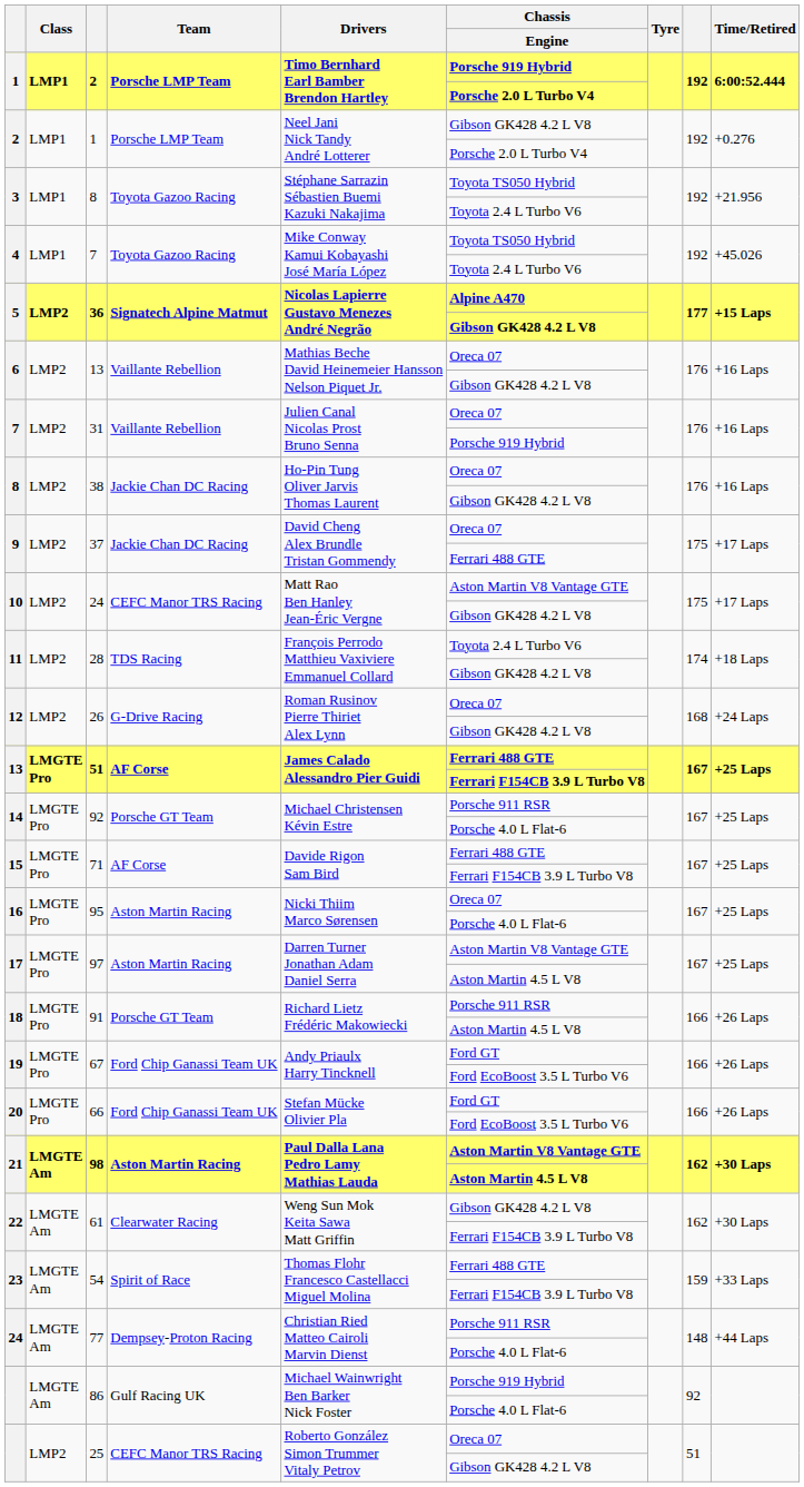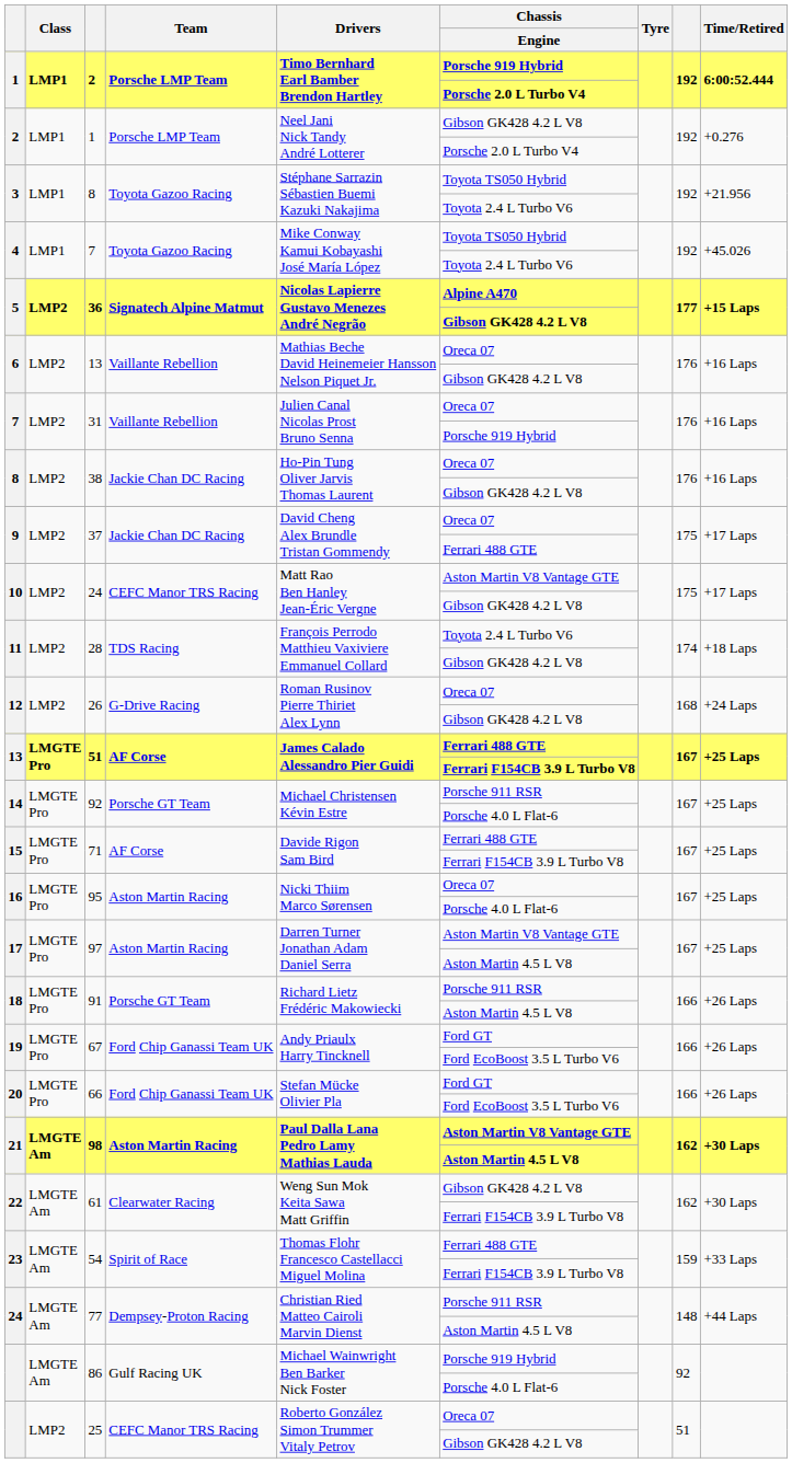 <table class="wikitable" style="font-size: 95%;">
 <tr>
 <th rowspan="2"></th>
 <th rowspan="2">Class</th>
 <th rowspan="2"></th>
 <th rowspan="2">Team</th>
 <th rowspan="2">Drivers</th>
 <th>Chassis</th>
 <th rowspan="2">Tyre</th>
 <th rowspan="2"></th>
 <th rowspan="2">Time/Retired</th>
 </tr>
 <tr>
 <th>Engine</th>
 </tr>
 <tr style="font-weight:bold" bgcolor="FFFF6B">
 <th rowspan=2>1</th>
 <td rowspan=2>LMP1</td>
 <td rowspan=2>2</td>
 <td rowspan=2> <a href='#'>Porsche LMP Team</a></td>
 <td rowspan=2> <a href='#'>Timo Bernhard</a><br> <a href='#'>Earl Bamber</a><br> <a href='#'>Brendon Hartley</a></td>
 <td><a href='#'>Porsche 919 Hybrid</a></td>
 <td rowspan=2></td>
 <td rowspan=2>192</td>
 <td rowspan=2>6:00:52.444</td>
 </tr>
 <tr style="font-weight:bold" bgcolor="FFFF6B">
 <td><a href='#'>Porsche</a> 2.0 L Turbo V4</td>
 </tr>
 <tr>
 <th rowspan=2>2</th>
 <td rowspan=2>LMP1</td>
 <td rowspan=2>1</td>
 <td rowspan=2> <a href='#'>Porsche LMP Team</a></td>
 <td rowspan=2> <a href='#'>Neel Jani</a><br> <a href='#'>Nick Tandy</a><br> <a href='#'>André Lotterer</a></td>
 <td><a href='#'>Gibson</a> GK428 4.2 L V8</td>
 <td rowspan=2></td>
 <td rowspan=2>192</td>
 <td rowspan=2>+0.276</td>
 </tr>
 <tr>
 <td><a href='#'>Porsche</a> 2.0 L Turbo V4</td>
 </tr>
 <tr>
 <th rowspan=2>3</th>
 <td rowspan=2>LMP1</td>
 <td rowspan=2>8</td>
 <td rowspan=2> <a href='#'>Toyota Gazoo Racing</a></td>
 <td rowspan=2> <a href='#'>Stéphane Sarrazin</a><br> <a href='#'>Sébastien Buemi</a><br> <a href='#'>Kazuki Nakajima</a></td>
 <td><a href='#'>Toyota TS050 Hybrid</a></td>
 <td rowspan=2></td>
 <td rowspan=2>192</td>
 <td rowspan=2>+21.956</td>
 </tr>
 <tr>
 <td><a href='#'>Toyota</a> 2.4 L Turbo V6</td>
 </tr>
 <tr>
 <th rowspan=2>4</th>
 <td rowspan=2>LMP1</td>
 <td rowspan=2>7</td>
 <td rowspan=2> <a href='#'>Toyota Gazoo Racing</a></td>
 <td rowspan=2> <a href='#'>Mike Conway</a><br> <a href='#'>Kamui Kobayashi</a><br> <a href='#'>José María López</a></td>
 <td><a href='#'>Toyota TS050 Hybrid</a></td>
 <td rowspan=2></td>
 <td rowspan=2>192</td>
 <td rowspan=2>+45.026</td>
 </tr>
 <tr>
 <td><a href='#'>Toyota</a> 2.4 L Turbo V6</td>
 </tr>
 <tr style="font-weight:bold" bgcolor="FFFF6B">
 <th rowspan=2>5</th>
 <td rowspan=2>LMP2</td>
 <td rowspan=2>36</td>
 <td rowspan=2> <a href='#'>Signatech Alpine Matmut</a></td>
 <td rowspan=2> <a href='#'>Nicolas Lapierre</a><br> <a href='#'>Gustavo Menezes</a><br> <a href='#'>André Negrão</a></td>
 <td><a href='#'>Alpine A470</a></td>
 <td rowspan=2></td>
 <td rowspan=2>177</td>
 <td rowspan=2>+15 Laps</td>
 </tr>
 <tr style="font-weight:bold" bgcolor="FFFF6B">
 <td><a href='#'>Gibson</a> GK428 4.2 L V8</td>
 </tr>
 <tr>
 <th rowspan=2>6</th>
 <td rowspan=2>LMP2</td>
 <td rowspan=2>13</td>
 <td rowspan=2> <a href='#'>Vaillante Rebellion</a></td>
 <td rowspan=2> <a href='#'>Mathias Beche</a><br> <a href='#'>David Heinemeier Hansson</a><br> <a href='#'>Nelson Piquet Jr.</a></td>
 <td><a href='#'>Oreca 07</a></td>
 <td rowspan=2></td>
 <td rowspan=2>176</td>
 <td rowspan=2>+16 Laps</td>
 </tr>
 <tr>
 <td><a href='#'>Gibson</a> GK428 4.2 L V8</td>
 </tr>
 <tr>
 <th rowspan=2>7</th>
 <td rowspan=2>LMP2</td>
 <td rowspan=2>31</td>
 <td rowspan=2> <a href='#'>Vaillante Rebellion</a></td>
 <td rowspan=2> <a href='#'>Julien Canal</a><br> <a href='#'>Nicolas Prost</a><br> <a href='#'>Bruno Senna</a></td>
 <td><a href='#'>Oreca 07</a></td>
 <td rowspan=2></td>
 <td rowspan=2>176</td>
 <td rowspan=2>+16 Laps</td>
 </tr>
 <tr>
 <td><a href='#'>Porsche 919 Hybrid</a></td>
 </tr>
 <tr>
 <th rowspan=2>8</th>
 <td rowspan=2>LMP2</td>
 <td rowspan=2>38</td>
 <td rowspan=2> <a href='#'>Jackie Chan DC Racing</a></td>
 <td rowspan=2> <a href='#'>Ho-Pin Tung</a><br> <a href='#'>Oliver Jarvis</a><br> <a href='#'>Thomas Laurent</a></td>
 <td><a href='#'>Oreca 07</a></td>
 <td rowspan=2></td>
 <td rowspan=2>176</td>
 <td rowspan=2>+16 Laps</td>
 </tr>
 <tr>
 <td><a href='#'>Gibson</a> GK428 4.2 L V8</td>
 </tr>
 <tr>
 <th rowspan="2">9</th>
 <td rowspan="2">LMP2</td>
 <td rowspan="2">37</td>
 <td rowspan="2"> <a href='#'>Jackie Chan DC Racing</a></td>
 <td rowspan="2"> <a href='#'>David Cheng</a><br> <a href='#'>Alex Brundle</a><br> <a href='#'>Tristan Gommendy</a></td>
 <td><a href='#'>Oreca 07</a></td>
 <td rowspan="2"></td>
 <td rowspan="2">175</td>
 <td rowspan="2">+17 Laps</td>
 </tr>
 <tr>
 <td><a href='#'>Ferrari 488 GTE</a></td>
 </tr>
 <tr>
 <th rowspan=2>10</th>
 <td rowspan=2>LMP2</td>
 <td rowspan=2>24</td>
 <td rowspan=2> <a href='#'>CEFC Manor TRS Racing</a></td>
 <td rowspan=2> Matt Rao<br> <a href='#'>Ben Hanley</a><br> <a href='#'>Jean-Éric Vergne</a></td>
 <td><a href='#'>Aston Martin V8 Vantage GTE</a></td>
 <td rowspan=2></td>
 <td rowspan=2>175</td>
 <td rowspan=2>+17 Laps</td>
 </tr>
 <tr>
 <td><a href='#'>Gibson</a> GK428 4.2 L V8</td>
 </tr>
 <tr>
 <th rowspan=2>11</th>
 <td rowspan=2>LMP2</td>
 <td rowspan=2>28</td>
 <td rowspan=2> <a href='#'>TDS Racing</a></td>
 <td rowspan=2> <a href='#'>François Perrodo</a><br> <a href='#'>Matthieu Vaxiviere</a><br> <a href='#'>Emmanuel Collard</a></td>
 <td><a href='#'>Toyota</a> 2.4 L Turbo V6</td>
 <td rowspan=2></td>
 <td rowspan=2>174</td>
 <td rowspan=2>+18 Laps</td>
 </tr>
 <tr>
 <td><a href='#'>Gibson</a> GK428 4.2 L V8</td>
 </tr>
 <tr>
 <th rowspan=2>12</th>
 <td rowspan=2>LMP2</td>
 <td rowspan=2>26</td>
 <td rowspan=2> <a href='#'>G-Drive Racing</a></td>
 <td rowspan=2> <a href='#'>Roman Rusinov</a><br> <a href='#'>Pierre Thiriet</a><br> <a href='#'>Alex Lynn</a></td>
 <td><a href='#'>Oreca 07</a></td>
 <td rowspan=2></td>
 <td rowspan=2>168</td>
 <td rowspan=2>+24 Laps</td>
 </tr>
 <tr>
 <td><a href='#'>Gibson</a> GK428 4.2 L V8</td>
 </tr>
 <tr style="font-weight:bold" bgcolor="FFFF6B">
 <th rowspan=2>13</th>
 <td rowspan=2>LMGTE<br>Pro</td>
 <td rowspan=2>51</td>
 <td rowspan=2> <a href='#'>AF Corse</a></td>
 <td rowspan=2> <a href='#'>James Calado</a><br> <a href='#'>Alessandro Pier Guidi</a></td>
 <td><a href='#'>Ferrari 488 GTE</a></td>
 <td rowspan=2></td>
 <td rowspan=2>167</td>
 <td rowspan=2>+25 Laps</td>
 </tr>
 <tr style="font-weight:bold" bgcolor="FFFF6B">
 <td><a href='#'>Ferrari</a> <a href='#'>F154CB</a> 3.9 L Turbo V8</td>
 </tr>
 <tr>
 <th rowspan=2>14</th>
 <td rowspan=2>LMGTE<br>Pro</td>
 <td rowspan=2>92</td>
 <td rowspan=2> <a href='#'>Porsche GT Team</a></td>
 <td rowspan=2> <a href='#'>Michael Christensen</a><br> <a href='#'>Kévin Estre</a></td>
 <td><a href='#'>Porsche 911 RSR</a></td>
 <td rowspan=2></td>
 <td rowspan=2>167</td>
 <td rowspan=2>+25 Laps</td>
 </tr>
 <tr>
 <td><a href='#'>Porsche</a> 4.0 L Flat-6</td>
 </tr>
 <tr>
 <th rowspan=2>15</th>
 <td rowspan=2>LMGTE<br>Pro</td>
 <td rowspan=2>71</td>
 <td rowspan=2> <a href='#'>AF Corse</a></td>
 <td rowspan=2> <a href='#'>Davide Rigon</a><br> <a href='#'>Sam Bird</a></td>
 <td><a href='#'>Ferrari 488 GTE</a></td>
 <td rowspan=2></td>
 <td rowspan=2>167</td>
 <td rowspan=2>+25 Laps</td>
 </tr>
 <tr>
 <td><a href='#'>Ferrari</a> <a href='#'>F154CB</a> 3.9 L Turbo V8</td>
 </tr>
 <tr>
 <th rowspan=2>16</th>
 <td rowspan=2>LMGTE<br>Pro</td>
 <td rowspan=2>95</td>
 <td rowspan=2> <a href='#'>Aston Martin Racing</a></td>
 <td rowspan=2> <a href='#'>Nicki Thiim</a><br> <a href='#'>Marco Sørensen</a></td>
 <td><a href='#'>Oreca 07</a></td>
 <td rowspan=2></td>
 <td rowspan=2>167</td>
 <td rowspan=2>+25 Laps</td>
 </tr>
 <tr>
 <td><a href='#'>Porsche</a> 4.0 L Flat-6</td>
 </tr>
 <tr>
 <th rowspan=2>17</th>
 <td rowspan=2>LMGTE<br>Pro</td>
 <td rowspan=2>97</td>
 <td rowspan=2> <a href='#'>Aston Martin Racing</a></td>
 <td rowspan=2> <a href='#'>Darren Turner</a><br> <a href='#'>Jonathan Adam</a><br> <a href='#'>Daniel Serra</a></td>
 <td><a href='#'>Aston Martin V8 Vantage GTE</a></td>
 <td rowspan=2></td>
 <td rowspan=2>167</td>
 <td rowspan=2>+25 Laps</td>
 </tr>
 <tr>
 <td><a href='#'>Aston Martin</a> 4.5 L V8</td>
 </tr>
 <tr>
 <th rowspan=2>18</th>
 <td rowspan=2>LMGTE<br>Pro</td>
 <td rowspan=2>91</td>
 <td rowspan=2> <a href='#'>Porsche GT Team</a></td>
 <td rowspan=2> <a href='#'>Richard Lietz</a><br> <a href='#'>Frédéric Makowiecki</a></td>
 <td><a href='#'>Porsche 911 RSR</a></td>
 <td rowspan=2></td>
 <td rowspan=2>166</td>
 <td rowspan=2>+26 Laps</td>
 </tr>
 <tr>
 <td><a href='#'>Aston Martin</a> 4.5 L V8</td>
 </tr>
 <tr>
 <th rowspan=2>19</th>
 <td rowspan=2>LMGTE<br>Pro</td>
 <td rowspan=2>67</td>
 <td rowspan=2> <a href='#'>Ford</a> <a href='#'>Chip Ganassi Team UK</a></td>
 <td rowspan=2> <a href='#'>Andy Priaulx</a><br> <a href='#'>Harry Tincknell</a></td>
 <td><a href='#'>Ford GT</a></td>
 <td rowspan=2></td>
 <td rowspan=2>166</td>
 <td rowspan=2>+26 Laps</td>
 </tr>
 <tr>
 <td><a href='#'>Ford</a> <a href='#'>EcoBoost</a> 3.5 L Turbo V6</td>
 </tr>
 <tr>
 <th rowspan=2>20</th>
 <td rowspan=2>LMGTE<br>Pro</td>
 <td rowspan=2>66</td>
 <td rowspan=2> <a href='#'>Ford</a> <a href='#'>Chip Ganassi Team UK</a></td>
 <td rowspan=2> <a href='#'>Stefan Mücke</a><br> <a href='#'>Olivier Pla</a></td>
 <td><a href='#'>Ford GT</a></td>
 <td rowspan=2></td>
 <td rowspan=2>166</td>
 <td rowspan=2>+26 Laps</td>
 </tr>
 <tr>
 <td><a href='#'>Ford</a> <a href='#'>EcoBoost</a> 3.5 L Turbo V6</td>
 </tr>
 <tr style="font-weight:bold" bgcolor="FFFF6B">
 <th rowspan=2>21</th>
 <td rowspan=2>LMGTE<br>Am</td>
 <td rowspan=2>98</td>
 <td rowspan=2> <a href='#'>Aston Martin Racing</a></td>
 <td rowspan=2> <a href='#'>Paul Dalla Lana</a><br> <a href='#'>Pedro Lamy</a><br> <a href='#'>Mathias Lauda</a></td>
 <td><a href='#'>Aston Martin V8 Vantage GTE</a></td>
 <td rowspan=2></td>
 <td rowspan=2>162</td>
 <td rowspan=2>+30 Laps</td>
 </tr>
 <tr style="font-weight:bold" bgcolor="FFFF6B">
 <td><a href='#'>Aston Martin</a> 4.5 L V8</td>
 </tr>
 <tr>
 <th rowspan=2>22</th>
 <td rowspan=2>LMGTE<br>Am</td>
 <td rowspan=2>61</td>
 <td rowspan=2> <a href='#'>Clearwater Racing</a></td>
 <td rowspan=2> Weng Sun Mok<br> <a href='#'>Keita Sawa</a><br> Matt Griffin</td>
 <td><a href='#'>Gibson</a> GK428 4.2 L V8</td>
 <td rowspan=2></td>
 <td rowspan=2>162</td>
 <td rowspan=2>+30 Laps</td>
 </tr>
 <tr>
 <td><a href='#'>Ferrari</a> <a href='#'>F154CB</a> 3.9 L Turbo V8</td>
 </tr>
 <tr>
 <th rowspan=2>23</th>
 <td rowspan=2>LMGTE<br>Am</td>
 <td rowspan=2>54</td>
 <td rowspan=2> <a href='#'>Spirit of Race</a></td>
 <td rowspan=2> <a href='#'>Thomas Flohr</a><br> <a href='#'>Francesco Castellacci</a><br> <a href='#'>Miguel Molina</a></td>
 <td><a href='#'>Ferrari 488 GTE</a></td>
 <td rowspan=2></td>
 <td rowspan=2>159</td>
 <td rowspan=2>+33 Laps</td>
 </tr>
 <tr>
 <td><a href='#'>Ferrari</a> <a href='#'>F154CB</a> 3.9 L Turbo V8</td>
 </tr>
 <tr>
 <th rowspan=2>24</th>
 <td rowspan=2>LMGTE<br>Am</td>
 <td rowspan=2>77</td>
 <td rowspan=2> <a href='#'>Dempsey</a>-<a href='#'>Proton Racing</a></td>
 <td rowspan=2> <a href='#'>Christian Ried</a><br> <a href='#'>Matteo Cairoli</a><br> <a href='#'>Marvin Dienst</a></td>
 <td><a href='#'>Porsche 911 RSR</a></td>
 <td rowspan=2></td>
 <td rowspan=2>148</td>
 <td rowspan=2>+44 Laps</td>
 </tr>
 <tr>
-<td><a href='#'>Porsche</a> 4.0 L Flat-6</td>
+<td><a href='#'>Aston Martin</a> 4.5 L V8</td>
 </tr>
 <tr>
 <th rowspan=2></th>
 <td rowspan=2>LMGTE<br>Am</td>
 <td rowspan=2>86</td>
 <td rowspan=2> Gulf Racing UK</td>
 <td rowspan=2> <a href='#'>Michael Wainwright</a><br> <a href='#'>Ben Barker</a><br> Nick Foster</td>
 <td><a href='#'>Porsche 919 Hybrid</a></td>
 <td rowspan=2></td>
 <td rowspan=2>92</td>
 <td rowspan=2></td>
 </tr>
 <tr>
 <td><a href='#'>Porsche</a> 4.0 L Flat-6</td>
 </tr>
 <tr>
 <th rowspan=2></th>
 <td rowspan=2>LMP2</td>
 <td rowspan=2>25</td>
 <td rowspan=2> <a href='#'>CEFC Manor TRS Racing</a></td>
 <td rowspan=2> <a href='#'>Roberto González</a><br> <a href='#'>Simon Trummer</a><br> <a href='#'>Vitaly Petrov</a></td>
 <td><a href='#'>Oreca 07</a></td>
 <td rowspan=2></td>
 <td rowspan=2>51</td>
 <td rowspan=2></td>
 </tr>
 <tr>
 <td><a href='#'>Gibson</a> GK428 4.2 L V8</td>
 </tr>
 </table>
